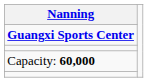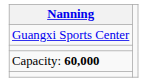 <table class="wikitable" style="margin-left: auto; margin-right: auto; border: none;">
 <tr>
 <th><a href='#'>Nanning</a></th>
 <td rowspan="5"><br></td>
 </tr>
 <tr>
-<td><strong><a href='#'>Guangxi Sports Center</a></strong></td>
+<td><a href='#'>Guangxi Sports Center</a></td>
 </tr>
 <tr>
 <td><small></small></td>
 </tr>
 <tr>
 <td>Capacity: <strong>60,000</strong></td>
 </tr>
 <tr>
 <td></td>
 </tr>
 </table>
